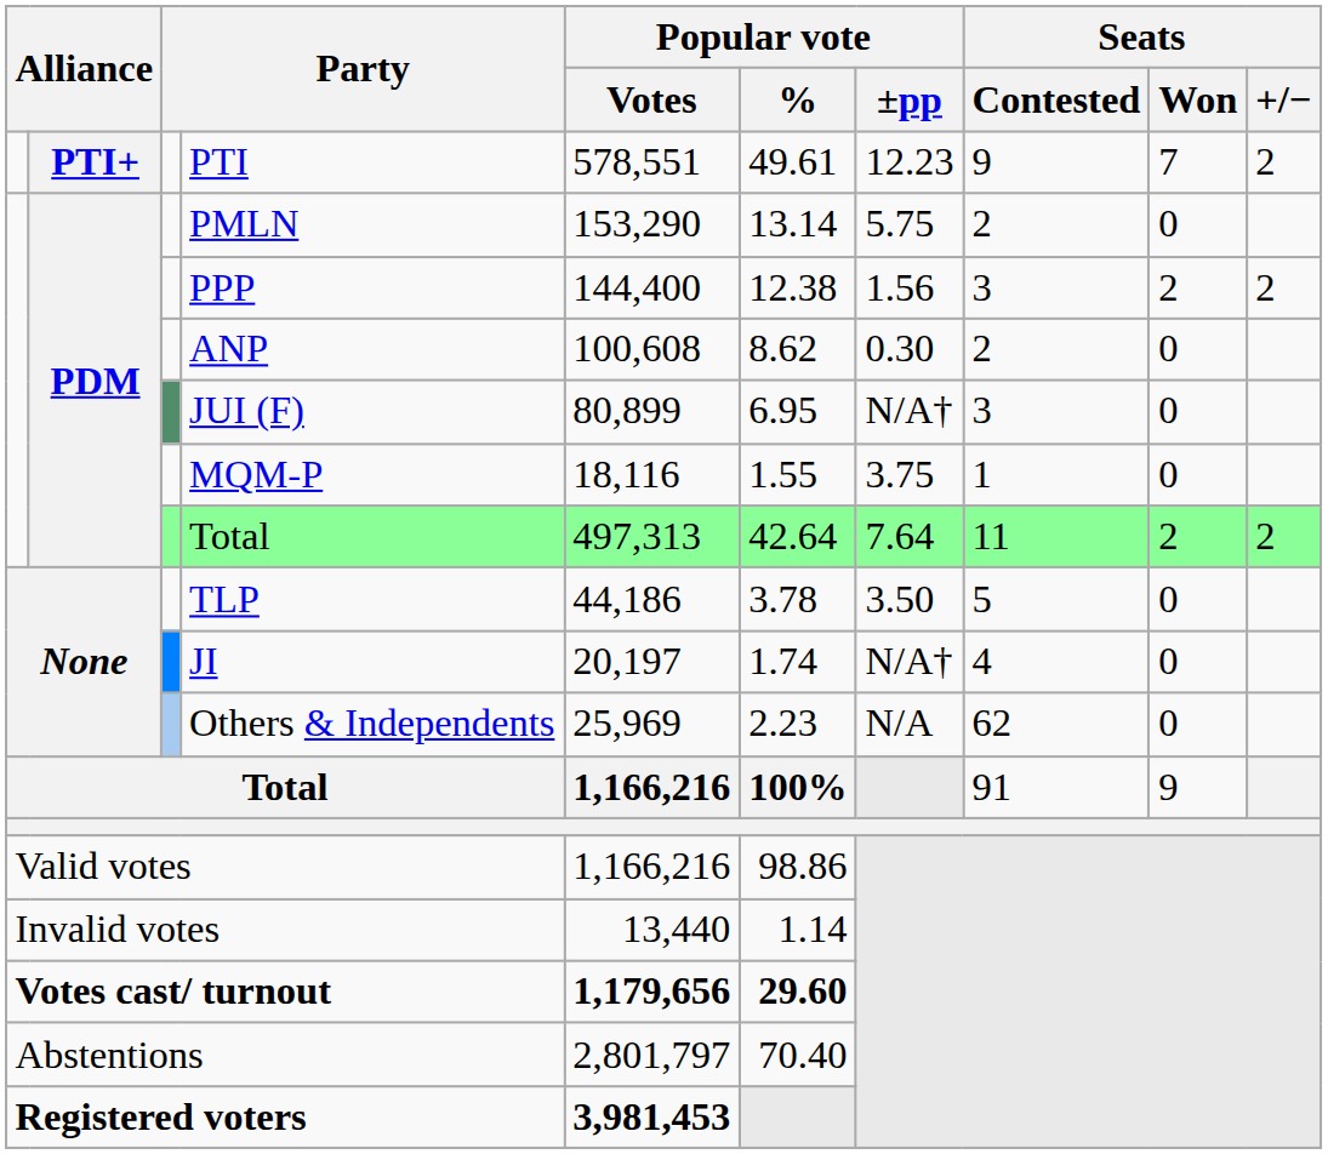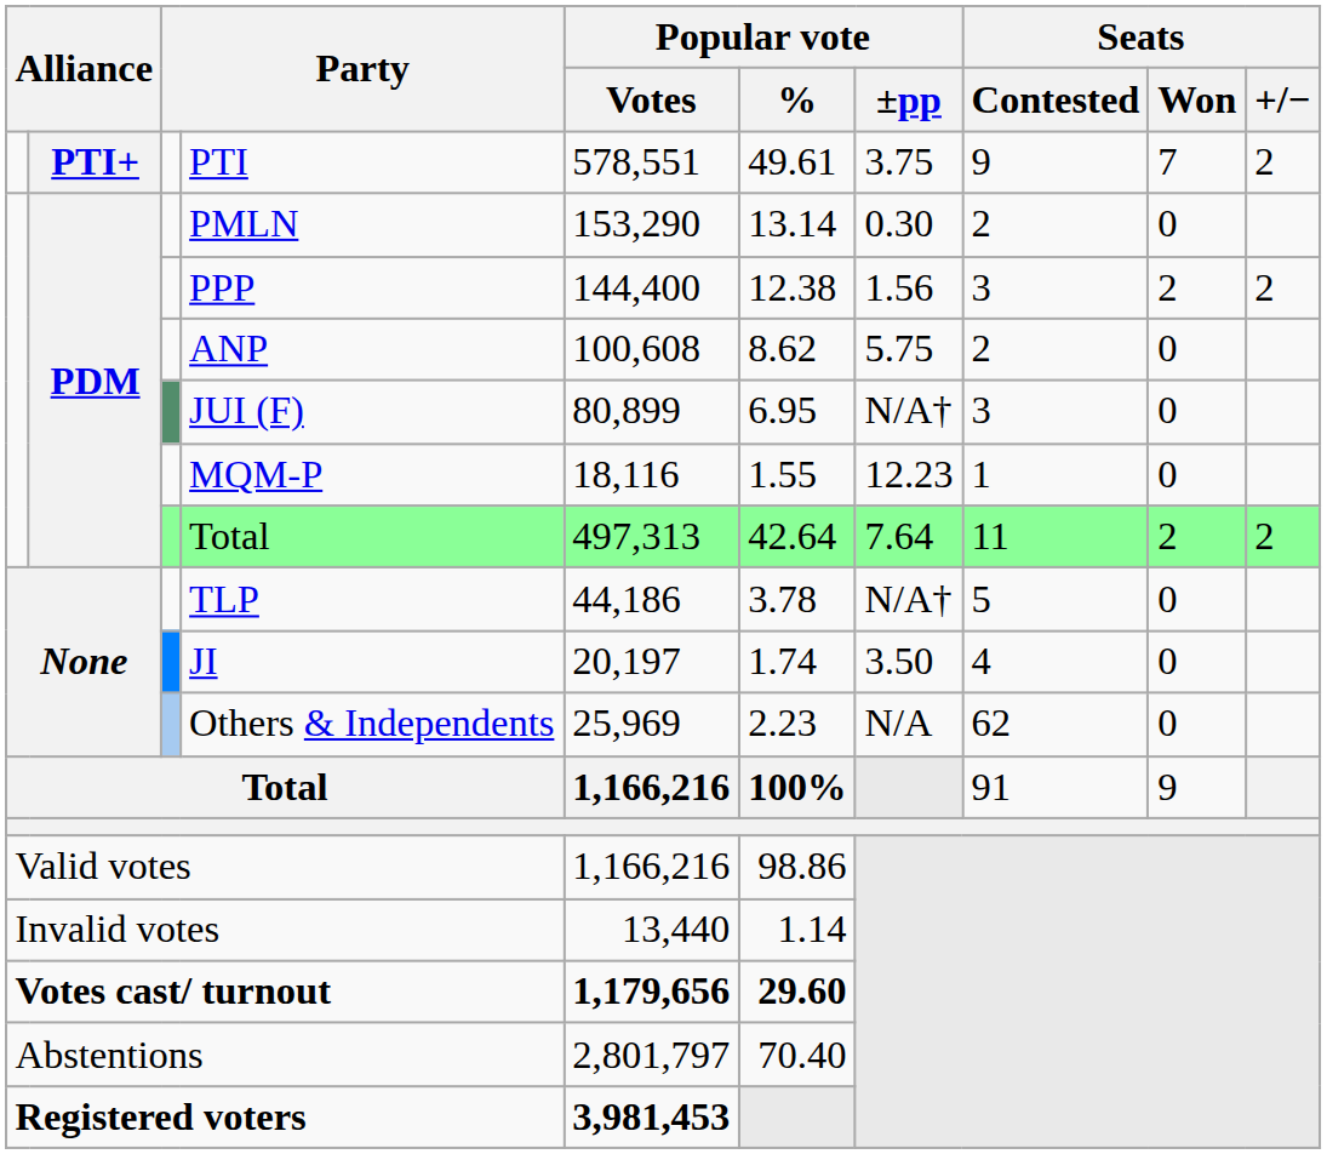 <table class="wikitable">
 <tr>
 <th colspan="2" rowspan="2">Alliance</th>
 <th colspan="2" rowspan="2">Party</th>
 <th colspan="3">Popular vote</th>
 <th colspan="3">Seats</th>
 </tr>
 <tr>
 <th>Votes</th>
 <th>%</th>
 <th>±<a href='#'>pp</a></th>
 <th>Contested</th>
 <th>Won</th>
 <th><strong>+/−</strong></th>
 </tr>
 <tr>
 <td></td>
 <th><a href='#'><strong>PTI+</strong></a></th>
 <td></td>
 <td><a href='#'>PTI</a></td>
 <td>578,551</td>
 <td>49.61</td>
-<td>12.23</td>
+<td>3.75</td>
 <td>9</td>
 <td>7</td>
 <td>2</td>
 </tr>
 <tr>
 <td rowspan="6"></td>
 <th rowspan="6"><a href='#'>PDM</a></th>
 <td></td>
 <td><a href='#'>PMLN</a></td>
 <td>153,290</td>
 <td>13.14</td>
-<td>5.75</td>
+<td>0.30</td>
 <td>2</td>
 <td>0</td>
 <td></td>
 </tr>
 <tr>
 <td></td>
 <td><a href='#'>PPP</a></td>
 <td>144,400</td>
 <td>12.38</td>
 <td>1.56</td>
 <td>3</td>
 <td>2</td>
 <td>2</td>
 </tr>
 <tr>
 <td></td>
 <td><a href='#'>ANP</a></td>
 <td>100,608</td>
 <td>8.62</td>
-<td>0.30</td>
+<td>5.75</td>
 <td>2</td>
 <td>0</td>
 <td></td>
 </tr>
 <tr>
 <td style="color:inherit;background:#528d6b"></td>
 <td><a href='#'>JUI (F)</a></td>
 <td>80,899</td>
 <td>6.95</td>
 <td>N/A†</td>
 <td>3</td>
 <td>0</td>
 <td></td>
 </tr>
 <tr>
 <td></td>
 <td><a href='#'>MQM-P</a></td>
 <td>18,116</td>
 <td>1.55</td>
-<td>3.75</td>
+<td>12.23</td>
 <td>1</td>
 <td>0</td>
 <td></td>
 </tr>
 <tr>
 <td style="background:#8aff97"></td>
 <td style="background:#8aff97">Total</td>
 <td style="background:#8aff97">497,313</td>
 <td style="background:#8aff97">42.64</td>
 <td style="background:#8aff97">7.64</td>
 <td style="background:#8aff97">11</td>
 <td style="background:#8aff97">2</td>
 <td style="background:#8aff97">2</td>
 </tr>
 <tr>
 <th colspan="2" rowspan="3"><em>None</em></th>
 <td style="color:inherit;background:"></td>
 <td><a href='#'>TLP</a></td>
 <td>44,186</td>
 <td>3.78</td>
-<td>3.50</td>
+<td>N/A†</td>
 <td>5</td>
 <td>0</td>
 <td></td>
 </tr>
 <tr>
 <td style="color:inherit;background:#0080ff"></td>
 <td><a href='#'>JI</a></td>
 <td>20,197</td>
 <td>1.74</td>
-<td>N/A†</td>
+<td>3.50</td>
 <td>4</td>
 <td>0</td>
 <td></td>
 </tr>
 <tr>
 <td style="color:inherit;background:#a6caf0"></td>
 <td>Others <a href='#'>& Independents</a></td>
 <td>25,969</td>
 <td>2.23</td>
 <td>N/A</td>
 <td>62</td>
 <td>0</td>
 <td></td>
 </tr>
 <tr>
 <th colspan="4">Total</th>
 <th>1,166,216</th>
 <th>100%</th>
 <th style="background-color:#E9E9E9"></th>
 <td>91</td>
 <td>9</td>
 <th></th>
 </tr>
 <tr>
 <th colspan="10"></th>
 </tr>
 <tr>
 <td colspan="4" style="text-align:left;">Valid votes</td>
 <td align="right">1,166,216</td>
 <td align="right">98.86</td>
 <th colspan="4" rowspan="5" style="background-color:#E9E9E9"></th>
 </tr>
 <tr>
 <td colspan="4" style="text-align:left;">Invalid votes</td>
 <td align="right">13,440</td>
 <td align="right">1.14</td>
 </tr>
 <tr>
 <td colspan="4" style="text-align:left;"><strong>Votes cast/ turnout</strong></td>
 <td align="right"><strong>1,179,656</strong></td>
 <td align="right"><strong>29.60</strong></td>
 </tr>
 <tr>
 <td colspan="4" style="text-align:left;">Abstentions</td>
 <td align="right">2,801,797</td>
 <td align="right">70.40</td>
 </tr>
 <tr>
 <td colspan="4" style="text-align:left;"><strong>Registered voters</strong></td>
 <td align="right"><strong>3,981,453</strong></td>
 <td style="background-color:#E9E9E9"></td>
 </tr>
 </table>
